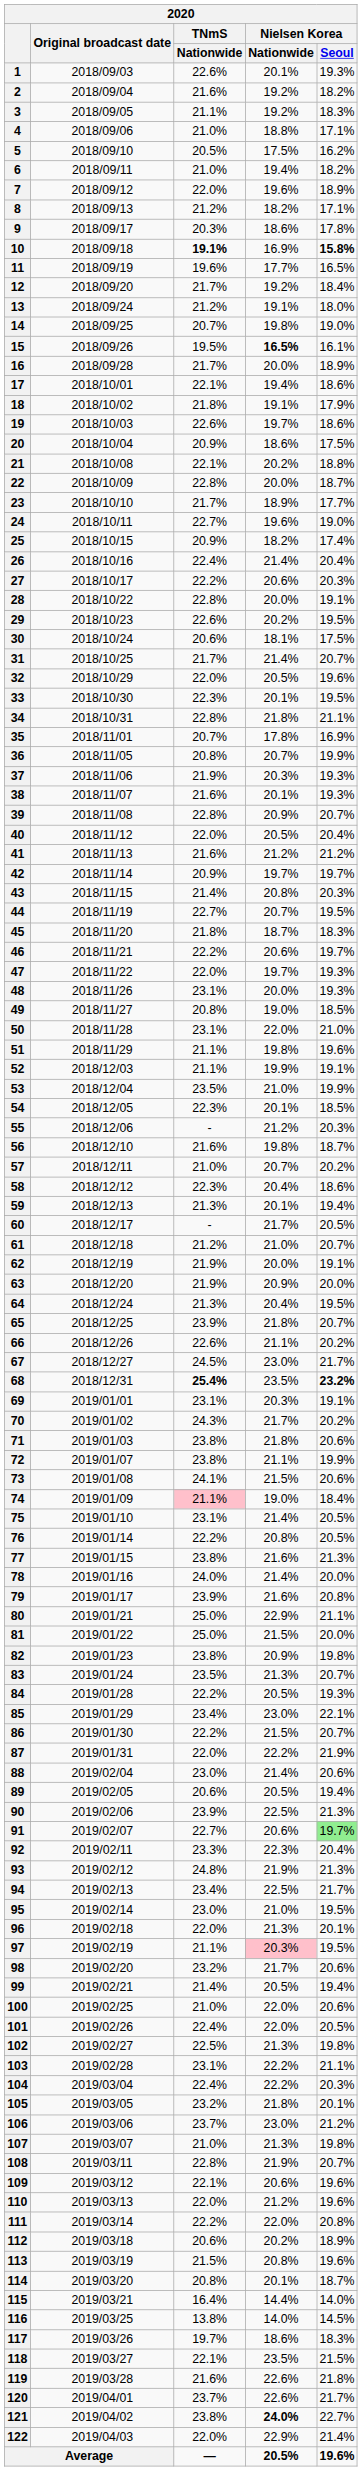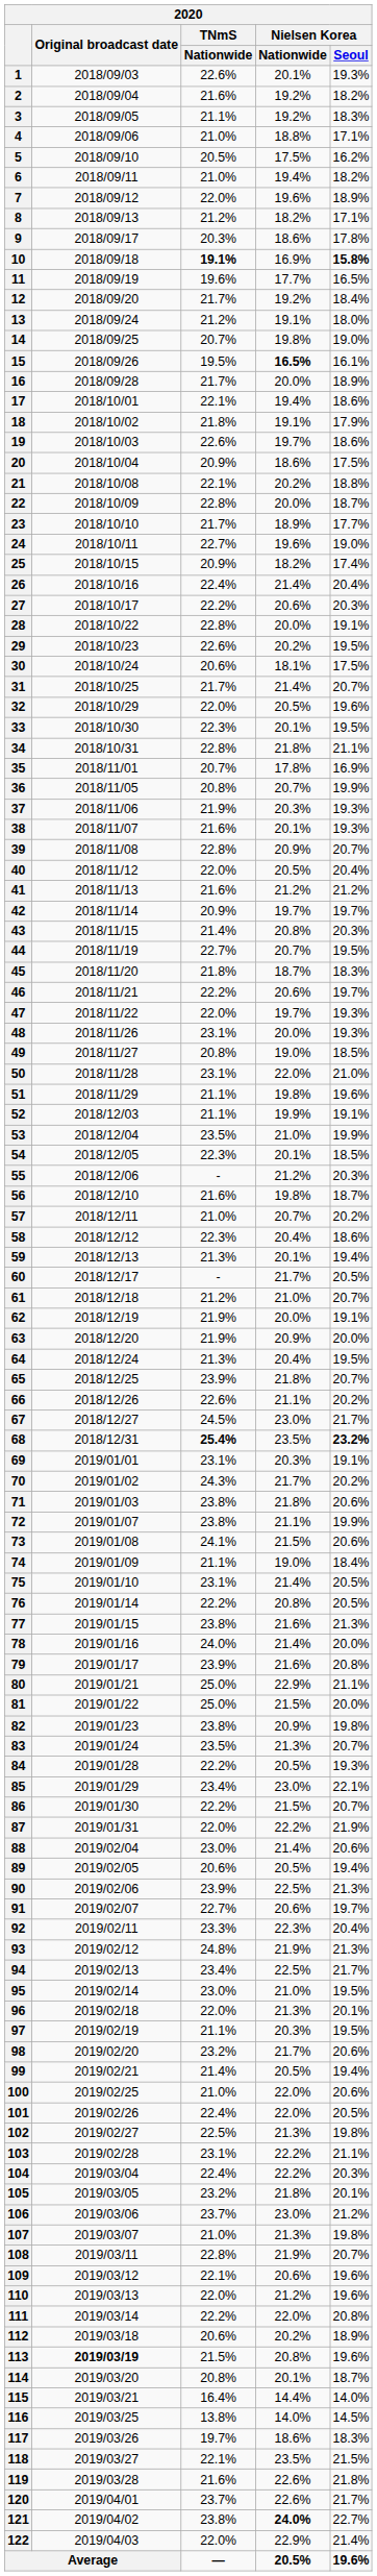 <table class="wikitable" style="text-align: center;">
 <tr>
 <th colspan="5">2020</th>
 </tr>
 <tr>
 <th rowspan="2"></th>
 <th rowspan="2">Original broadcast date</th>
 <th>TNmS</th>
 <th colspan="2">Nielsen Korea</th>
 </tr>
 <tr>
 <th>Nationwide</th>
 <th>Nationwide</th>
 <th><a href='#'>Seoul</a></th>
 </tr>
 <tr>
 <th>1</th>
 <td>2018/09/03</td>
 <td>22.6%</td>
 <td>20.1%</td>
 <td>19.3%</td>
 </tr>
 <tr>
 <th>2</th>
 <td>2018/09/04</td>
 <td>21.6%</td>
 <td>19.2%</td>
 <td>18.2%</td>
 </tr>
 <tr>
 <th>3</th>
 <td>2018/09/05</td>
 <td>21.1%</td>
 <td>19.2%</td>
 <td>18.3%</td>
 </tr>
 <tr>
 <th>4</th>
 <td>2018/09/06</td>
 <td>21.0%</td>
 <td>18.8%</td>
 <td>17.1%</td>
 </tr>
 <tr>
 <th>5</th>
 <td>2018/09/10</td>
 <td>20.5%</td>
 <td>17.5%</td>
 <td>16.2%</td>
 </tr>
 <tr>
 <th>6</th>
 <td>2018/09/11</td>
 <td>21.0%</td>
 <td>19.4%</td>
 <td>18.2%</td>
 </tr>
 <tr>
 <th>7</th>
 <td>2018/09/12</td>
 <td>22.0%</td>
 <td>19.6%</td>
 <td>18.9%</td>
 </tr>
 <tr>
 <th>8</th>
 <td>2018/09/13</td>
 <td>21.2%</td>
 <td>18.2%</td>
 <td>17.1%</td>
 </tr>
 <tr>
 <th>9</th>
 <td>2018/09/17</td>
 <td>20.3%</td>
 <td>18.6%</td>
 <td>17.8%</td>
 </tr>
 <tr>
 <th>10</th>
 <td>2018/09/18</td>
 <td><span><strong>19.1%</strong></span></td>
 <td>16.9%</td>
 <td><span><strong>15.8%</strong></span></td>
 </tr>
 <tr>
 <th>11</th>
 <td>2018/09/19</td>
 <td>19.6%</td>
 <td>17.7%</td>
 <td>16.5%</td>
 </tr>
 <tr>
 <th>12</th>
 <td>2018/09/20</td>
 <td>21.7%</td>
 <td>19.2%</td>
 <td>18.4%</td>
 </tr>
 <tr>
 <th>13</th>
 <td>2018/09/24</td>
 <td>21.2%</td>
 <td>19.1%</td>
 <td>18.0%</td>
 </tr>
 <tr>
 <th>14</th>
 <td>2018/09/25</td>
 <td>20.7%</td>
 <td>19.8%</td>
 <td>19.0%</td>
 </tr>
 <tr>
 <th>15</th>
 <td>2018/09/26</td>
 <td>19.5%</td>
 <td><span><strong>16.5%</strong></span></td>
 <td>16.1%</td>
 </tr>
 <tr>
 <th>16</th>
 <td>2018/09/28</td>
 <td>21.7%</td>
 <td>20.0%</td>
 <td>18.9%</td>
 </tr>
 <tr>
 <th>17</th>
 <td>2018/10/01</td>
 <td>22.1%</td>
 <td>19.4%</td>
 <td>18.6%</td>
 </tr>
 <tr>
 <th>18</th>
 <td>2018/10/02</td>
 <td>21.8%</td>
 <td>19.1%</td>
 <td>17.9%</td>
 </tr>
 <tr>
 <th>19</th>
 <td>2018/10/03</td>
 <td>22.6%</td>
 <td>19.7%</td>
 <td>18.6%</td>
 </tr>
 <tr>
 <th>20</th>
 <td>2018/10/04</td>
 <td>20.9%</td>
 <td>18.6%</td>
 <td>17.5%</td>
 </tr>
 <tr>
 <th>21</th>
 <td>2018/10/08</td>
 <td>22.1%</td>
 <td>20.2%</td>
 <td>18.8%</td>
 </tr>
 <tr>
 <th>22</th>
 <td>2018/10/09</td>
 <td>22.8%</td>
 <td>20.0%</td>
 <td>18.7%</td>
 </tr>
 <tr>
 <th>23</th>
 <td>2018/10/10</td>
 <td>21.7%</td>
 <td>18.9%</td>
 <td>17.7%</td>
 </tr>
 <tr>
 <th>24</th>
 <td>2018/10/11</td>
 <td>22.7%</td>
 <td>19.6%</td>
 <td>19.0%</td>
 </tr>
 <tr>
 <th>25</th>
 <td>2018/10/15</td>
 <td>20.9%</td>
 <td>18.2%</td>
 <td>17.4%</td>
 </tr>
 <tr>
 <th>26</th>
 <td>2018/10/16</td>
 <td>22.4%</td>
 <td>21.4%</td>
 <td>20.4%</td>
 </tr>
 <tr>
 <th>27</th>
 <td>2018/10/17</td>
 <td>22.2%</td>
 <td>20.6%</td>
 <td>20.3%</td>
 </tr>
 <tr>
 <th>28</th>
 <td>2018/10/22</td>
 <td>22.8%</td>
 <td>20.0%</td>
 <td>19.1%</td>
 </tr>
 <tr>
 <th>29</th>
 <td>2018/10/23</td>
 <td>22.6%</td>
 <td>20.2%</td>
 <td>19.5%</td>
 </tr>
 <tr>
 <th>30</th>
 <td>2018/10/24</td>
 <td>20.6%</td>
 <td>18.1%</td>
 <td>17.5%</td>
 </tr>
 <tr>
 <th>31</th>
 <td>2018/10/25</td>
 <td>21.7%</td>
 <td>21.4%</td>
 <td>20.7%</td>
 </tr>
 <tr>
 <th>32</th>
 <td>2018/10/29</td>
 <td>22.0%</td>
 <td>20.5%</td>
 <td>19.6%</td>
 </tr>
 <tr>
 <th>33</th>
 <td>2018/10/30</td>
 <td>22.3%</td>
 <td>20.1%</td>
 <td>19.5%</td>
 </tr>
 <tr>
 <th>34</th>
 <td>2018/10/31</td>
 <td>22.8%</td>
 <td>21.8%</td>
 <td>21.1%</td>
 </tr>
 <tr>
 <th>35</th>
 <td>2018/11/01</td>
 <td>20.7%</td>
 <td>17.8%</td>
 <td>16.9%</td>
 </tr>
 <tr>
 <th>36</th>
 <td>2018/11/05</td>
 <td>20.8%</td>
 <td>20.7%</td>
 <td>19.9%</td>
 </tr>
 <tr>
 <th>37</th>
 <td>2018/11/06</td>
 <td>21.9%</td>
 <td>20.3%</td>
 <td>19.3%</td>
 </tr>
 <tr>
 <th>38</th>
 <td>2018/11/07</td>
 <td>21.6%</td>
 <td>20.1%</td>
 <td>19.3%</td>
 </tr>
 <tr>
 <th>39</th>
 <td>2018/11/08</td>
 <td>22.8%</td>
 <td>20.9%</td>
 <td>20.7%</td>
 </tr>
 <tr>
 <th>40</th>
 <td>2018/11/12</td>
 <td>22.0%</td>
 <td>20.5%</td>
 <td>20.4%</td>
 </tr>
 <tr>
 <th>41</th>
 <td>2018/11/13</td>
 <td>21.6%</td>
 <td>21.2%</td>
 <td>21.2%</td>
 </tr>
 <tr>
 <th>42</th>
 <td>2018/11/14</td>
 <td>20.9%</td>
 <td>19.7%</td>
 <td>19.7%</td>
 </tr>
 <tr>
 <th>43</th>
 <td>2018/11/15</td>
 <td>21.4%</td>
 <td>20.8%</td>
 <td>20.3%</td>
 </tr>
 <tr>
 <th>44</th>
 <td>2018/11/19</td>
 <td>22.7%</td>
 <td>20.7%</td>
 <td>19.5%</td>
 </tr>
 <tr>
 <th>45</th>
 <td>2018/11/20</td>
 <td>21.8%</td>
 <td>18.7%</td>
 <td>18.3%</td>
 </tr>
 <tr>
 <th>46</th>
 <td>2018/11/21</td>
 <td>22.2%</td>
 <td>20.6%</td>
 <td>19.7%</td>
 </tr>
 <tr>
 <th>47</th>
 <td>2018/11/22</td>
 <td>22.0%</td>
 <td>19.7%</td>
 <td>19.3%</td>
 </tr>
 <tr>
 <th>48</th>
 <td>2018/11/26</td>
 <td>23.1%</td>
 <td>20.0%</td>
 <td>19.3%</td>
 </tr>
 <tr>
 <th>49</th>
 <td>2018/11/27</td>
 <td>20.8%</td>
 <td>19.0%</td>
 <td>18.5%</td>
 </tr>
 <tr>
 <th>50</th>
 <td>2018/11/28</td>
 <td>23.1%</td>
 <td>22.0%</td>
 <td>21.0%</td>
 </tr>
 <tr>
 <th>51</th>
 <td>2018/11/29</td>
 <td>21.1%</td>
 <td>19.8%</td>
 <td>19.6%</td>
 </tr>
 <tr>
 <th>52</th>
 <td>2018/12/03</td>
 <td>21.1%</td>
 <td>19.9%</td>
 <td>19.1%</td>
 </tr>
 <tr>
 <th>53</th>
 <td>2018/12/04</td>
 <td>23.5%</td>
 <td>21.0%</td>
 <td>19.9%</td>
 </tr>
 <tr>
 <th>54</th>
 <td>2018/12/05</td>
 <td>22.3%</td>
 <td>20.1%</td>
 <td>18.5%</td>
 </tr>
 <tr>
 <th>55</th>
 <td>2018/12/06</td>
 <td>-</td>
 <td>21.2%</td>
 <td>20.3%</td>
 </tr>
 <tr>
 <th>56</th>
 <td>2018/12/10</td>
 <td>21.6%</td>
 <td>19.8%</td>
 <td>18.7%</td>
 </tr>
 <tr>
 <th>57</th>
 <td>2018/12/11</td>
 <td>21.0%</td>
 <td>20.7%</td>
 <td>20.2%</td>
 </tr>
 <tr>
 <th>58</th>
 <td>2018/12/12</td>
 <td>22.3%</td>
 <td>20.4%</td>
 <td>18.6%</td>
 </tr>
 <tr>
 <th>59</th>
 <td>2018/12/13</td>
 <td>21.3%</td>
 <td>20.1%</td>
 <td>19.4%</td>
 </tr>
 <tr>
 <th>60</th>
 <td>2018/12/17</td>
 <td>-</td>
 <td>21.7%</td>
 <td>20.5%</td>
 </tr>
 <tr>
 <th>61</th>
 <td>2018/12/18</td>
 <td>21.2%</td>
 <td>21.0%</td>
 <td>20.7%</td>
 </tr>
 <tr>
 <th>62</th>
 <td>2018/12/19</td>
 <td>21.9%</td>
 <td>20.0%</td>
 <td>19.1%</td>
 </tr>
 <tr>
 <th>63</th>
 <td>2018/12/20</td>
 <td>21.9%</td>
 <td>20.9%</td>
 <td>20.0%</td>
 </tr>
 <tr>
 <th>64</th>
 <td>2018/12/24</td>
 <td>21.3%</td>
 <td>20.4%</td>
 <td>19.5%</td>
 </tr>
 <tr>
 <th>65</th>
 <td>2018/12/25</td>
 <td>23.9%</td>
 <td>21.8%</td>
 <td>20.7%</td>
 </tr>
 <tr>
 <th>66</th>
 <td>2018/12/26</td>
 <td>22.6%</td>
 <td>21.1%</td>
 <td>20.2%</td>
 </tr>
 <tr>
 <th>67</th>
 <td>2018/12/27</td>
 <td>24.5%</td>
 <td>23.0%</td>
 <td>21.7%</td>
 </tr>
 <tr>
 <th>68</th>
 <td>2018/12/31</td>
 <td><span><strong>25.4%</strong></span></td>
 <td>23.5%</td>
 <td><span><strong>23.2%</strong></span></td>
 </tr>
 <tr>
 <th>69</th>
 <td>2019/01/01</td>
 <td>23.1%</td>
 <td>20.3%</td>
 <td>19.1%</td>
 </tr>
 <tr>
 <th>70</th>
 <td>2019/01/02</td>
 <td>24.3%</td>
 <td>21.7%</td>
 <td>20.2%</td>
 </tr>
 <tr>
 <th>71</th>
 <td>2019/01/03</td>
 <td>23.8%</td>
 <td>21.8%</td>
 <td>20.6%</td>
 </tr>
 <tr>
 <th>72</th>
 <td>2019/01/07</td>
 <td>23.8%</td>
 <td>21.1%</td>
 <td>19.9%</td>
 </tr>
 <tr>
 <th>73</th>
 <td>2019/01/08</td>
 <td>24.1%</td>
 <td>21.5%</td>
 <td>20.6%</td>
 </tr>
 <tr>
 <th>74</th>
 <td>2019/01/09</td>
-<td style="background: pink;">21.1%</td>
+<td>21.1%</td>
 <td>19.0%</td>
 <td>18.4%</td>
 </tr>
 <tr>
 <th>75</th>
 <td>2019/01/10</td>
 <td>23.1%</td>
 <td>21.4%</td>
 <td>20.5%</td>
 </tr>
 <tr>
 <th>76</th>
 <td>2019/01/14</td>
 <td>22.2%</td>
 <td>20.8%</td>
 <td>20.5%</td>
 </tr>
 <tr>
 <th>77</th>
 <td>2019/01/15</td>
 <td>23.8%</td>
 <td>21.6%</td>
 <td>21.3%</td>
 </tr>
 <tr>
 <th>78</th>
 <td>2019/01/16</td>
 <td>24.0%</td>
 <td>21.4%</td>
 <td>20.0%</td>
 </tr>
 <tr>
 <th>79</th>
 <td>2019/01/17</td>
 <td>23.9%</td>
 <td>21.6%</td>
 <td>20.8%</td>
 </tr>
 <tr>
 <th>80</th>
 <td>2019/01/21</td>
 <td>25.0%</td>
 <td>22.9%</td>
 <td>21.1%</td>
 </tr>
 <tr>
 <th>81</th>
 <td>2019/01/22</td>
 <td>25.0%</td>
 <td>21.5%</td>
 <td>20.0%</td>
 </tr>
 <tr>
 <th>82</th>
 <td>2019/01/23</td>
 <td>23.8%</td>
 <td>20.9%</td>
 <td>19.8%</td>
 </tr>
 <tr>
 <th>83</th>
 <td>2019/01/24</td>
 <td>23.5%</td>
 <td>21.3%</td>
 <td>20.7%</td>
 </tr>
 <tr>
 <th>84</th>
 <td>2019/01/28</td>
 <td>22.2%</td>
 <td>20.5%</td>
 <td>19.3%</td>
 </tr>
 <tr>
 <th>85</th>
 <td>2019/01/29</td>
 <td>23.4%</td>
 <td>23.0%</td>
 <td>22.1%</td>
 </tr>
 <tr>
 <th>86</th>
 <td>2019/01/30</td>
 <td>22.2%</td>
 <td>21.5%</td>
 <td>20.7%</td>
 </tr>
 <tr>
 <th>87</th>
 <td>2019/01/31</td>
 <td>22.0%</td>
 <td>22.2%</td>
 <td>21.9%</td>
 </tr>
 <tr>
 <th>88</th>
 <td>2019/02/04</td>
 <td>23.0%</td>
 <td>21.4%</td>
 <td>20.6%</td>
 </tr>
 <tr>
 <th>89</th>
 <td>2019/02/05</td>
 <td>20.6%</td>
 <td>20.5%</td>
 <td>19.4%</td>
 </tr>
 <tr>
 <th>90</th>
 <td>2019/02/06</td>
 <td>23.9%</td>
 <td>22.5%</td>
 <td>21.3%</td>
 </tr>
 <tr>
 <th>91</th>
 <td>2019/02/07</td>
 <td>22.7%</td>
 <td>20.6%</td>
-<td style="background: lightgreen;">19.7%</td>
+<td>19.7%</td>
 </tr>
 <tr>
 <th>92</th>
 <td>2019/02/11</td>
 <td>23.3%</td>
 <td>22.3%</td>
 <td>20.4%</td>
 </tr>
 <tr>
 <th>93</th>
 <td>2019/02/12</td>
 <td>24.8%</td>
 <td>21.9%</td>
 <td>21.3%</td>
 </tr>
 <tr>
 <th>94</th>
 <td>2019/02/13</td>
 <td>23.4%</td>
 <td>22.5%</td>
 <td>21.7%</td>
 </tr>
 <tr>
 <th>95</th>
 <td>2019/02/14</td>
 <td>23.0%</td>
 <td>21.0%</td>
 <td>19.5%</td>
 </tr>
 <tr>
 <th>96</th>
 <td>2019/02/18</td>
 <td>22.0%</td>
 <td>21.3%</td>
 <td>20.1%</td>
 </tr>
 <tr>
 <th>97</th>
 <td>2019/02/19</td>
 <td>21.1%</td>
-<td style="background: pink;">20.3%</td>
+<td>20.3%</td>
 <td>19.5%</td>
 </tr>
 <tr>
 <th>98</th>
 <td>2019/02/20</td>
 <td>23.2%</td>
 <td>21.7%</td>
 <td>20.6%</td>
 </tr>
 <tr>
 <th>99</th>
 <td>2019/02/21</td>
 <td>21.4%</td>
 <td>20.5%</td>
 <td>19.4%</td>
 </tr>
 <tr>
 <th>100</th>
 <td>2019/02/25</td>
 <td>21.0%</td>
 <td>22.0%</td>
 <td>20.6%</td>
 </tr>
 <tr>
 <th>101</th>
 <td>2019/02/26</td>
 <td>22.4%</td>
 <td>22.0%</td>
 <td>20.5%</td>
 </tr>
 <tr>
 <th>102</th>
 <td>2019/02/27</td>
 <td>22.5%</td>
 <td>21.3%</td>
 <td>19.8%</td>
 </tr>
 <tr>
 <th>103</th>
 <td>2019/02/28</td>
 <td>23.1%</td>
 <td>22.2%</td>
 <td>21.1%</td>
 </tr>
 <tr>
 <th>104</th>
 <td>2019/03/04</td>
 <td>22.4%</td>
 <td>22.2%</td>
 <td>20.3%</td>
 </tr>
 <tr>
 <th>105</th>
 <td>2019/03/05</td>
 <td>23.2%</td>
 <td>21.8%</td>
 <td>20.1%</td>
 </tr>
 <tr>
 <th>106</th>
 <td>2019/03/06</td>
 <td>23.7%</td>
 <td>23.0%</td>
 <td>21.2%</td>
 </tr>
 <tr>
 <th>107</th>
 <td>2019/03/07</td>
 <td>21.0%</td>
 <td>21.3%</td>
 <td>19.8%</td>
 </tr>
 <tr>
 <th>108</th>
 <td>2019/03/11</td>
 <td>22.8%</td>
 <td>21.9%</td>
 <td>20.7%</td>
 </tr>
 <tr>
 <th>109</th>
 <td>2019/03/12</td>
 <td>22.1%</td>
 <td>20.6%</td>
 <td>19.6%</td>
 </tr>
 <tr>
 <th>110</th>
 <td>2019/03/13</td>
 <td>22.0%</td>
 <td>21.2%</td>
 <td>19.6%</td>
 </tr>
 <tr>
 <th>111</th>
 <td>2019/03/14</td>
 <td>22.2%</td>
 <td>22.0%</td>
 <td>20.8%</td>
 </tr>
 <tr>
 <th>112</th>
 <td>2019/03/18</td>
 <td>20.6%</td>
 <td>20.2%</td>
 <td>18.9%</td>
 </tr>
 <tr>
 <th>113</th>
-<td>2019/03/19</td>
+<td><strong>2019/03/19</strong></td>
 <td>21.5%</td>
 <td>20.8%</td>
 <td>19.6%</td>
 </tr>
 <tr>
 <th>114</th>
 <td>2019/03/20</td>
 <td>20.8%</td>
 <td>20.1%</td>
 <td>18.7%</td>
 </tr>
 <tr>
 <th>115</th>
 <td>2019/03/21</td>
 <td>16.4%</td>
 <td>14.4%</td>
 <td>14.0%</td>
 </tr>
 <tr>
 <th>116</th>
 <td>2019/03/25</td>
 <td>13.8%</td>
 <td>14.0%</td>
 <td>14.5%</td>
 </tr>
 <tr>
 <th>117</th>
 <td>2019/03/26</td>
 <td>19.7%</td>
 <td>18.6%</td>
 <td>18.3%</td>
 </tr>
 <tr>
 <th>118</th>
 <td>2019/03/27</td>
 <td>22.1%</td>
 <td>23.5%</td>
 <td>21.5%</td>
 </tr>
 <tr>
 <th>119</th>
 <td>2019/03/28</td>
 <td>21.6%</td>
 <td>22.6%</td>
 <td>21.8%</td>
 </tr>
 <tr>
 <th>120</th>
 <td>2019/04/01</td>
 <td>23.7%</td>
 <td>22.6%</td>
 <td>21.7%</td>
 </tr>
 <tr>
 <th>121</th>
 <td>2019/04/02</td>
 <td>23.8%</td>
 <td><span><strong>24.0%</strong></span></td>
 <td>22.7%</td>
 </tr>
 <tr>
 <th>122</th>
 <td>2019/04/03</td>
 <td>22.0%</td>
 <td>22.9%</td>
 <td>21.4%</td>
 </tr>
 <tr>
 <th colspan="2">Average</th>
 <td><span><strong>—</strong></span><br></td>
 <td><span><strong>20.5%</strong></span></td>
 <td><span><strong>19.6%</strong></span></td>
 </tr>
 </table>
